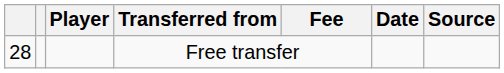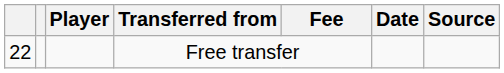 <table class="wikitable plainrowheaders sortable">
 <tr>
 <th></th>
 <th></th>
 <th scope=col><strong>Player</strong></th>
 <th><strong>Transferred from</strong></th>
 <th !scope=col; style="width: 65px;"><strong>Fee</strong></th>
 <th scope=col><strong>Date</strong></th>
 <th scope=col><strong>Source</strong></th>
 </tr>
 <tr>
-<td align=center>28</td>
+<td align=center>22</td>
 <td align=center></td>
 <td></td>
 <td colspan="2" style="text-align: center;">Free transfer</td>
 <td rowspan=1></td>
 <td></td>
 </tr>
 </table>
